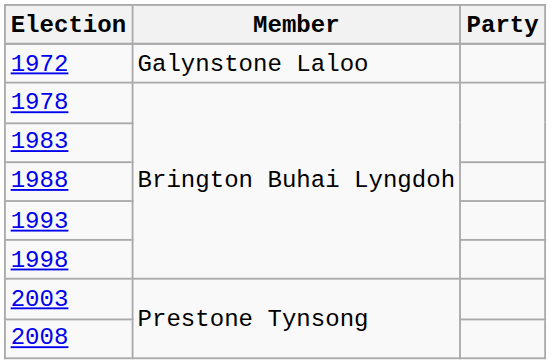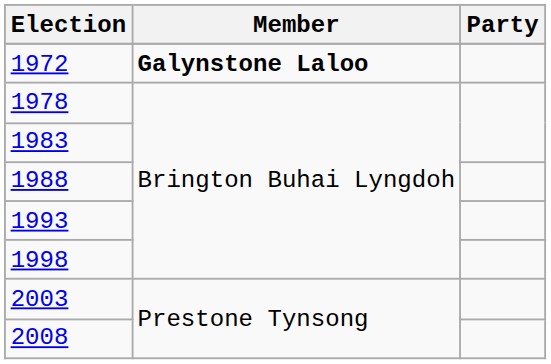 <table class="wikitable sortable">
 <tr>
 <th>Election</th>
 <th>Member</th>
 <th colspan=2>Party</th>
 </tr>
 <tr>
 </tr>
 <tr>
 </tr>
 <tr>
 </tr>
 <tr>
 </tr>
 <tr>
 <td><a href='#'>1972</a></td>
-<td>Galynstone Laloo</td>
+<td><strong>Galynstone Laloo</strong></td>
 <td></td>
 </tr>
 <tr>
 <td><a href='#'>1978</a></td>
 <td rowspan=5>Brington Buhai Lyngdoh</td>
 </tr>
 <tr>
 <td><a href='#'>1983</a></td>
 </tr>
 <tr>
 <td><a href='#'>1988</a></td>
 <td></td>
 </tr>
 <tr>
 <td><a href='#'>1993</a></td>
 </tr>
 <tr>
 <td><a href='#'>1998</a></td>
 <td></td>
 </tr>
 <tr>
 <td><a href='#'>2003</a></td>
 <td rowspan=2>Prestone Tynsong</td>
 <td></td>
 </tr>
 <tr>
 <td><a href='#'>2008</a></td>
 </tr>
 </table>
